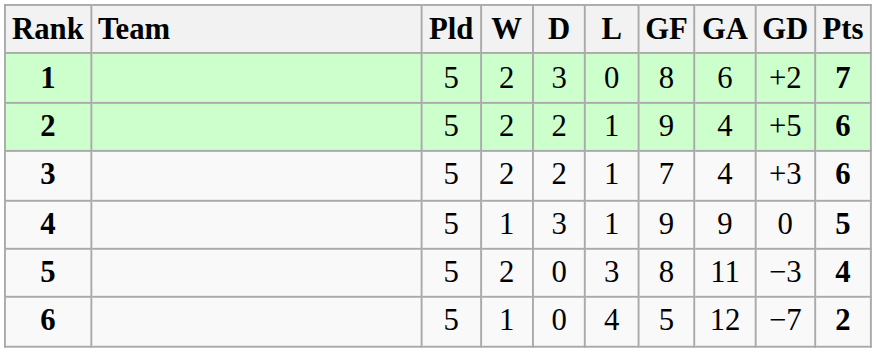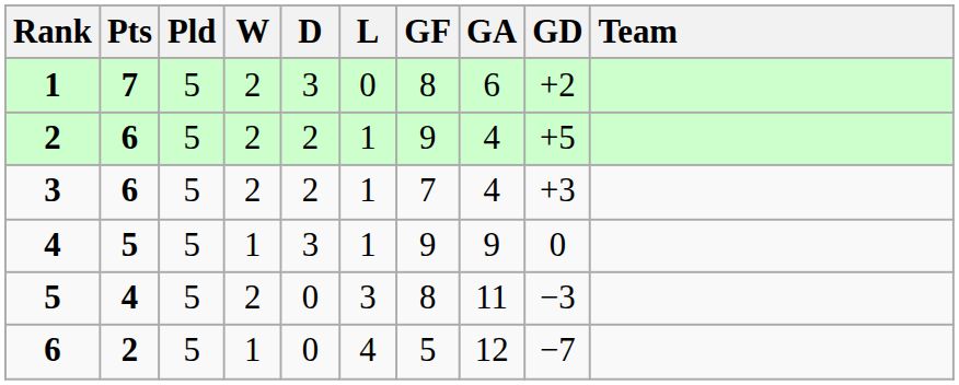 <table class="wikitable" style="text-align:center">
 <tr>
 <th width=30>Rank</th>
-<th width=165 style="text-align:left">Team</th>
+<th width=20>Pts</th>
 <th width=20>Pld</th>
 <th width=20>W</th>
 <th width=20>D</th>
 <th width=20>L</th>
 <th width=20>GF</th>
 <th width=20>GA</th>
 <th width=20>GD</th>
-<th width=20>Pts</th>
+<th width=165 style="text-align:left">Team</th>
 </tr>
 <tr bgcolor="#ccffcc">
 <td><strong>1</strong></td>
-<td align="left"></td>
+<td><strong>7</strong></td>
 <td>5</td>
 <td>2</td>
 <td>3</td>
 <td>0</td>
 <td>8</td>
 <td>6</td>
 <td>+2</td>
-<td><strong>7</strong></td>
+<td align="left"></td>
 </tr>
 <tr bgcolor="#ccffcc">
 <td><strong>2</strong></td>
-<td align="left"></td>
+<td><strong>6</strong></td>
 <td>5</td>
 <td>2</td>
 <td>2</td>
 <td>1</td>
 <td>9</td>
 <td>4</td>
 <td>+5</td>
-<td><strong>6</strong></td>
+<td align="left"></td>
 </tr>
 <tr>
 <td><strong>3</strong></td>
-<td align="left"></td>
+<td><strong>6</strong></td>
 <td>5</td>
 <td>2</td>
 <td>2</td>
 <td>1</td>
 <td>7</td>
 <td>4</td>
 <td>+3</td>
-<td><strong>6</strong></td>
+<td align="left"></td>
 </tr>
 <tr>
 <td><strong>4</strong></td>
-<td align="left"></td>
+<td><strong>5</strong></td>
 <td>5</td>
 <td>1</td>
 <td>3</td>
 <td>1</td>
 <td>9</td>
 <td>9</td>
 <td>0</td>
-<td><strong>5</strong></td>
+<td align="left"></td>
 </tr>
 <tr>
 <td><strong>5</strong></td>
-<td align="left"></td>
+<td><strong>4</strong></td>
 <td>5</td>
 <td>2</td>
 <td>0</td>
 <td>3</td>
 <td>8</td>
 <td>11</td>
 <td>−3</td>
-<td><strong>4</strong></td>
+<td align="left"></td>
 </tr>
 <tr>
 <td><strong>6</strong></td>
-<td align="left"></td>
+<td><strong>2</strong></td>
 <td>5</td>
 <td>1</td>
 <td>0</td>
 <td>4</td>
 <td>5</td>
 <td>12</td>
 <td>−7</td>
-<td><strong>2</strong></td>
+<td align="left"></td>
 </tr>
 </table>
